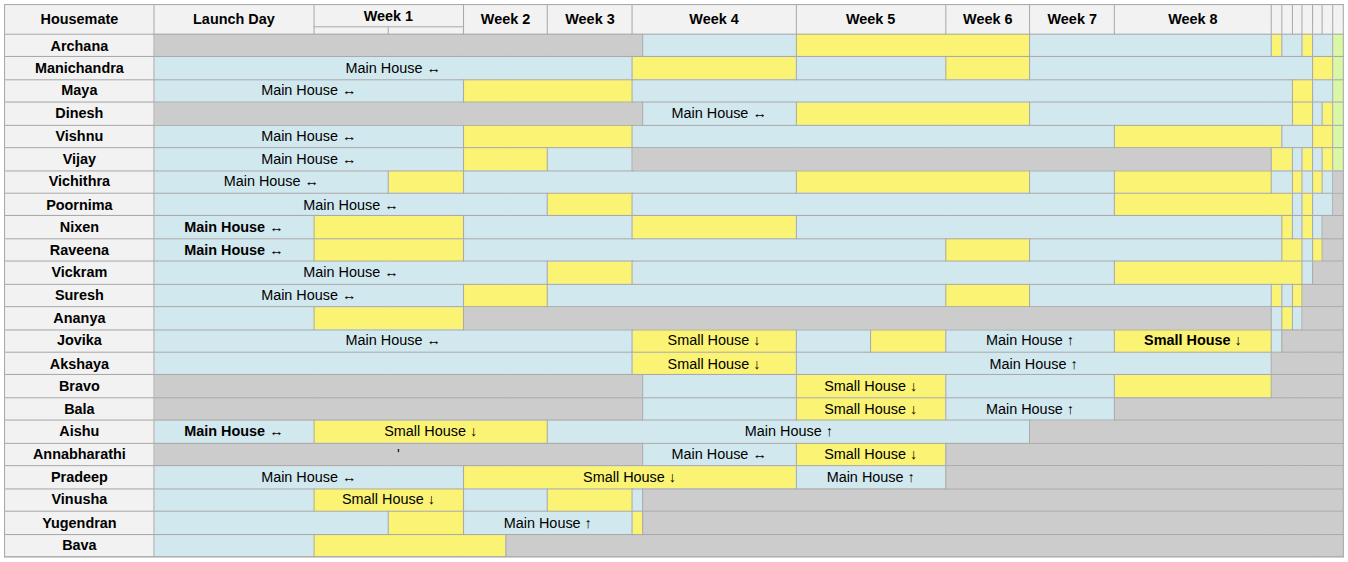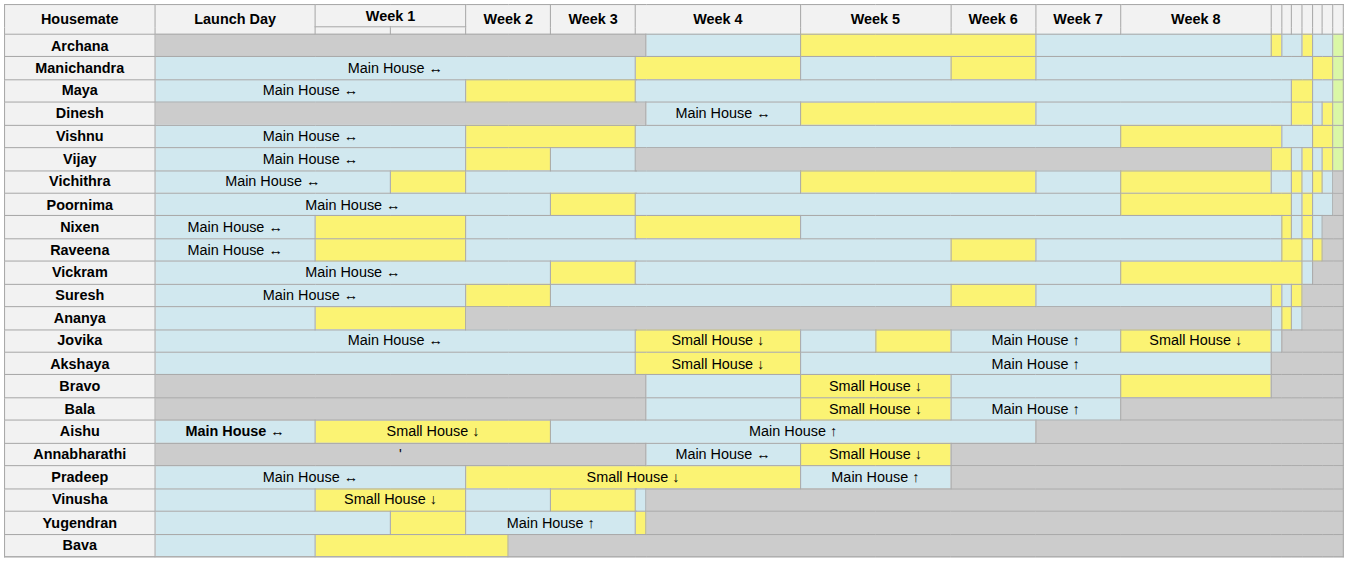 <table class="wikitable" style="text-align:center; width:100%; font-size:85%; font-family: sans-serif; line-height:15px;">
 <tr>
 <th rowspan="2">Housemate</th>
 <th rowspan="2">Launch Day</th>
 <th colspan="2">Week 1</th>
 <th colspan="2" rowspan="2">Week 2</th>
 <th rowspan="2">Week 3</th>
 <th colspan="3" rowspan="2">Week 4</th>
 <th colspan="2" rowspan="2">Week 5</th>
 <th rowspan="2">Week 6</th>
 <th rowspan="2">Week 7</th>
 <th rowspan="2">Week 8</th>
 <th rowspan="2"></th>
 <th rowspan="2"></th>
 <th rowspan="2"></th>
 <th rowspan="2"></th>
 <th rowspan="2"></th>
 <th rowspan="2"></th>
 <th rowspan="2"></th>
 </tr>
 <tr>
 <th></th>
 <th></th>
 </tr>
 <tr>
 <th>Archana</th>
 <td colspan="8" bgcolor="#ccc"></td>
 <td colspan="1" style="background:#D1E8EF;"></td>
 <td colspan="3" style="background:#FBF373;"></td>
 <td colspan="2" style="background:#D1E8EF;"></td>
 <td colspan="1" style="background:#FBF373;"></td>
 <td colspan="2" style="background:#D1E8EF;"></td>
 <td colspan="1" style="background:#FBF373;"></td>
 <td colspan="2" style="background:#D1E8EF;"></td>
 <td colspan="1" style="background:#DAF7A6;"></td>
 </tr>
 <tr>
 <th>Manichandra</th>
 <td colspan="7" style="background:#D1E8EF;">Main House ↔</td>
 <td colspan="2" style="background:#FBF373;"></td>
 <td colspan="2" style="background:#D1E8EF;"></td>
 <td colspan="1" style="background:#FBF373;"></td>
 <td colspan="6" style="background:#D1E8EF;"></td>
 <td colspan="2" style="background:#FBF373;"></td>
 <td colspan="1" style="background:#DAF7A6;"></td>
 </tr>
 <tr>
 <th>Maya</th>
 <td colspan="3" style="background:#D1E8EF;">Main House ↔</td>
 <td colspan="4" style="background:#FBF373;"></td>
 <td colspan="9" style="background:#D1E8EF;"></td>
 <td colspan="2" style="background:#FBF373;"></td>
 <td colspan="2" style="background:#D1E8EF;"></td>
 <td colspan="1" style="background:#DAF7A6;"></td>
 </tr>
 <tr>
 <th>Dinesh</th>
 <td colspan="8" bgcolor="#ccc"></td>
 <td colspan="1" style="background:#D1E8EF;">Main House ↔</td>
 <td colspan="3" style="background:#FBF373;"></td>
 <td colspan="4" style="background:#D1E8EF;"></td>
 <td colspan="2" style="background:#FBF373;"></td>
 <td colspan="1" style="background:#D1E8EF;"></td>
 <td colspan="1" style="background:#FBF373;"></td>
 <td colspan="1" style="background:#DAF7A6;"></td>
 </tr>
 <tr>
 <th>Vishnu</th>
 <td colspan="3" style="background:#D1E8EF;">Main House ↔</td>
 <td colspan="4" style="background:#FBF373;"></td>
 <td colspan="6" style="background:#D1E8EF;"></td>
 <td colspan="2" style="background:#FBF373;"></td>
 <td colspan="3" style="background:#D1E8EF;"></td>
 <td colspan="2" style="background:#FBF373;"></td>
 <td colspan="1" style="background:#DAF7A6;"></td>
 </tr>
 <tr>
 <th>Vijay</th>
 <td colspan="3" style="background:#D1E8EF;">Main House ↔</td>
 <td colspan="2" style="background:#FBF373;"></td>
 <td colspan="2" style="background:#D1E8EF;"></td>
 <td colspan="7" style="background:#ccc "></td>
 <td colspan="2" style="background:#FBF373;"></td>
 <td colspan="1" style="background:#D1E8EF;"></td>
 <td colspan="1" style="background:#FBF373;"></td>
 <td colspan="1" style="background:#D1E8EF;"></td>
 <td colspan="1" style="background:#FBF373;"></td>
 <td colspan="1" style="background:#DAF7A6;"></td>
 </tr>
 <tr>
 <th>Vichithra</th>
 <td colspan="2" style="background:#D1E8EF;">Main House ↔</td>
 <td colspan="1" style="background:#FBF373;"></td>
 <td colspan="6" style="background:#D1E8EF;"></td>
 <td colspan="3" style="background:#FBF373;"></td>
 <td colspan="1" style="background:#D1E8EF;"></td>
 <td colspan="1" style="background:#FBF373;"></td>
 <td colspan="2" style="background:#D1E8EF;"></td>
 <td colspan="1" style="background:#FBF373;"></td>
 <td colspan="1" style="background:#D1E8EF;"></td>
 <td colspan="1" style="background:#FBF373;"></td>
 <td colspan="1" style="background:#D1E8EF;"></td>
 <td colspan="20" bgcolor=#ccc></td>
 </tr>
 <tr>
 <th>Poornima</th>
 <td colspan="5" style="background:#D1E8EF;">Main House ↔</td>
 <td colspan="2" style="background:#FBF373;"></td>
 <td colspan="6" style="background:#D1E8EF;"></td>
 <td colspan="3" style="background:#FBF373;"></td>
 <td colspan="1" style="background:#D1E8EF;"></td>
 <td colspan="1" style="background:#FBF373;"></td>
 <td colspan="2" style="background:#D1E8EF;"></td>
 <td colspan="20" bgcolor=#ccc></td>
 </tr>
 <tr>
 <th>Nixen</th>
-<td colspan="1" style="background:#D1E8EF;"><strong>Main House ↔</strong></td>
+<td colspan="1" style="background:#D1E8EF;">Main House ↔</td>
 <td colspan="2" style="background:#FBF373;"></td>
 <td colspan="4" style="background:#D1E8EF;"></td>
 <td colspan="2" style="background:#FBF373;"></td>
 <td colspan="6" style="background:#D1E8EF;"></td>
 <td colspan="1" style="background:#FBF373;"></td>
 <td colspan="1" style="background:#D1E8EF;"></td>
 <td colspan="1" style="background:#FBF373;"></td>
 <td colspan="1" style="background:#D1E8EF;"></td>
 <td colspan="20" bgcolor=#ccc></td>
 </tr>
 <tr>
 <th>Raveena</th>
-<td colspan="1" style="background:#D1E8EF;"><strong>Main House ↔</strong></td>
+<td colspan="1" style="background:#D1E8EF;">Main House ↔</td>
 <td colspan="2" style="background:#FBF373;"></td>
 <td colspan="8" style="background:#D1E8EF;"></td>
 <td colspan="1" style="background:#FBF373;"></td>
 <td colspan="3" style="background:#D1E8EF;"></td>
 <td colspan="2" style="background:#FBF373;"></td>
 <td colspan="1" style="background:#D1E8EF;"></td>
 <td colspan="1" style="background:#FBF373;"></td>
 <td colspan="20" bgcolor=#ccc></td>
 </tr>
 <tr>
 <th>Vickram</th>
 <td colspan="5" style="background:#D1E8EF;">Main House ↔</td>
 <td colspan="2" style="background:#FBF373;"></td>
 <td colspan="6" style="background:#D1E8EF;"></td>
 <td colspan="4" style="background:#FBF373;"></td>
 <td colspan="1" style="background:#D1E8EF;"></td>
 <td colspan="20" bgcolor=#ccc></td>
 </tr>
 <tr>
 <th>Suresh</th>
 <td colspan="3" style="background:#D1E8EF;">Main House ↔</td>
 <td colspan="2" style="background:#FBF373;"></td>
 <td colspan="6" style="background:#D1E8EF;"></td>
 <td colspan="1" style="background:#FBF373;"></td>
 <td colspan="2" style="background:#D1E8EF;"></td>
 <td colspan="1" style="background:#FBF373;"></td>
 <td colspan="1" style="background:#D1E8EF;"></td>
 <td colspan="1" style="background:#FBF373;"></td>
 <td colspan="20" bgcolor=#ccc></td>
 </tr>
 <tr>
 <th>Ananya</th>
 <td colspan="1" style="background:#D1E8EF;"></td>
 <td colspan="2" style="background:#FBF373;"></td>
 <td colspan="11" style="background:#ccc "></td>
 <td colspan="1" style="background:#D1E8EF;"></td>
 <td colspan="1" style="background:#FBF373;"></td>
 <td colspan="1" style="background:#D1E8EF;"></td>
 <td colspan="20" bgcolor=#ccc></td>
 </tr>
 <tr>
 <th>Jovika</th>
 <td colspan="7" style="background:#D1E8EF;">Main House ↔</td>
 <td colspan="2" style="background:#FBF373;">Small House ↓</td>
 <td colspan="1" style="background:#D1E8EF;"></td>
 <td colspan="1" style="background:#FBF373;"></td>
 <td colspan="2" style="background:#D1E8EF;">Main House ↑</td>
-<td colspan="1" style="background:#FBF373;"><strong>Small House ↓</strong></td>
+<td colspan="1" style="background:#FBF373;">Small House ↓</td>
 <td style="background:#D1E8EF;"></td>
 <td colspan="20" bgcolor=#ccc></td>
 </tr>
 <tr>
 <th>Akshaya</th>
 <td colspan="6" style="background:#D1E8EF;"></td>
 <td colspan="3" style="background:#FBF373;">Small House ↓</td>
 <td colspan="5" style="background:#D1E8EF;">Main House ↑</td>
 <td colspan="20" bgcolor="#ccc"></td>
 </tr>
 <tr>
 <th>Bravo</th>
 <td colspan="8" bgcolor="#ccc"></td>
 <td colspan="1" style="background:#D1E8EF;"></td>
 <td colspan="2" style="background:#FBF373;">Small House ↓</td>
 <td colspan="2" style="background:#D1E8EF;"></td>
 <td colspan="1" style="background:#FBF373;"></td>
 <td colspan="20" bgcolor=#ccc></td>
 </tr>
 <tr>
 <th>Bala</th>
 <td colspan="8" bgcolor="#ccc"></td>
 <td colspan="1" style="background:#D1E8EF;"></td>
 <td colspan="2" style="background:#FBF373;">Small House ↓</td>
 <td colspan="2" style="background:#D1E8EF;">Main House ↑</td>
 <td colspan="20" style="background:#ccc "></td>
 </tr>
 <tr>
 <th>Aishu</th>
 <td style="background:#D1E8EF;"><strong>Main House ↔</strong></td>
 <td colspan="4" style="background:#FBF373;">Small House ↓</td>
 <td colspan="7" style="background:#D1E8EF;">Main House ↑</td>
 <td colspan="20" style="background:#ccc "></td>
 </tr>
 <tr>
 <th>Annabharathi</th>
 <td colspan="8" bgcolor="#ccc">'</td>
 <td style="background:#D1E8EF;">Main House ↔</td>
 <td colspan="2" style="background:#FBF373;">Small House ↓</td>
 <td colspan="20" style="background:#ccc "></td>
 </tr>
 <tr>
 <th>Pradeep</th>
 <td colspan="3" style="background:#D1E8EF;">Main House ↔</td>
 <td colspan="6" style="background:#FBF373;">Small House ↓</td>
 <td colspan="2" style="background:#D1E8EF;">Main House ↑</td>
 <td colspan="20" style="background:#ccc "></td>
 </tr>
 <tr>
 <th>Vinusha</th>
 <td style="background:#D1E8EF;"></td>
 <td colspan="2" style="background:#FBF373;">Small House ↓</td>
 <td colspan="2" style="background:#D1E8EF;"></td>
 <td colspan="2" style="background:#FBF373;"></td>
 <td colspan="1" style="background:#D1E8EF;"></td>
 <td colspan="20" style="background:#ccc "></td>
 </tr>
 <tr>
 <th>Yugendran</th>
 <td colspan="2" style="background:#D1E8EF;"></td>
 <td colspan="1" style="background:#FBF373;"></td>
 <td colspan="4" style="background:#D1E8EF;">Main House ↑</td>
 <td colspan="1" style="background:#FBF373;"></td>
 <td colspan="20" style="background:#ccc "></td>
 </tr>
 <tr>
 <th>Bava</th>
 <td colspan="1" style="background:#D1E8EF;"></td>
 <td colspan="3" style="background:#FBF373;"></td>
 <td colspan="20" style="background:#ccc "></td>
 </tr>
 <tr>
 </tr>
 </table>
